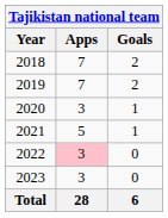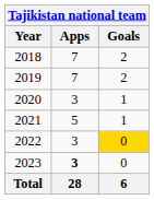 <table class="wikitable" style="text-align:center">
 <tr>
 <th colspan=3><a href='#'>Tajikistan national team</a></th>
 </tr>
 <tr>
 <th>Year</th>
 <th>Apps</th>
 <th>Goals</th>
 </tr>
 <tr>
 <td>2018</td>
 <td>7</td>
 <td>2</td>
 </tr>
 <tr>
 <td>2019</td>
 <td>7</td>
 <td>2</td>
 </tr>
 <tr>
 <td>2020</td>
 <td>3</td>
 <td>1</td>
 </tr>
 <tr>
 <td>2021</td>
 <td>5</td>
 <td>1</td>
 </tr>
 <tr>
 <td>2022</td>
-<td style="background: pink;">3</td>
-<td>0</td>
+<td>3</td>
+<td style="background: gold;">0</td>
 </tr>
 <tr>
 <td>2023</td>
-<td>3</td>
+<td><strong>3</strong></td>
 <td>0</td>
 </tr>
 <tr>
 <th>Total</th>
 <th>28</th>
 <th>6</th>
 </tr>
 </table>
